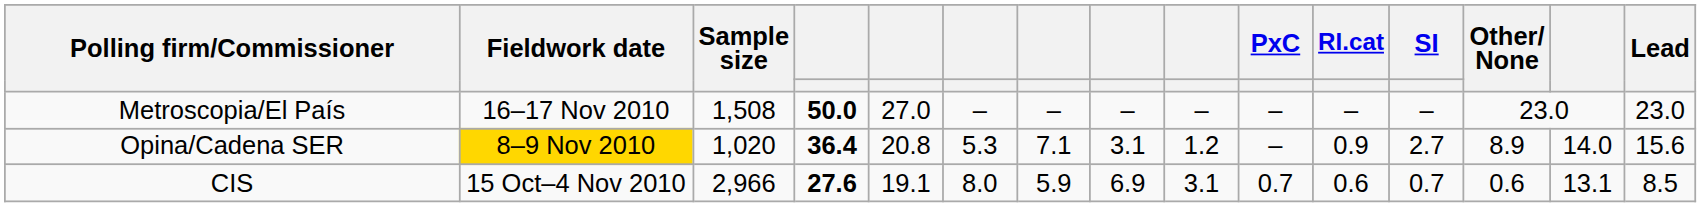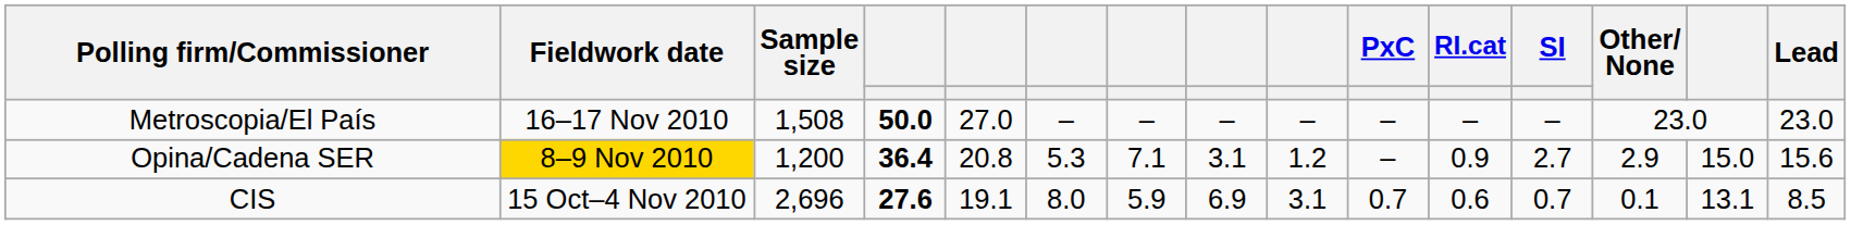 <table class="wikitable collapsible collapsed" style="text-align:center; font-size:90%; line-height:14px;">
 <tr style="height:42px;">
 <th style="width:250px;" rowspan="2">Polling firm/Commissioner</th>
 <th style="width:125px;" rowspan="2">Fieldwork date</th>
 <th style="width:50px;" rowspan="2">Sample size</th>
 <th style="width:35px;"></th>
 <th style="width:35px;"></th>
 <th style="width:35px;"></th>
 <th style="width:35px;"></th>
 <th style="width:35px;"></th>
 <th style="width:35px;"></th>
 <th style="width:35px;"><a href='#'>PxC</a></th>
 <th style="width:35px; font-size:95%;"><a href='#'>RI.cat</a></th>
 <th style="width:35px;"><a href='#'>SI</a></th>
 <th style="width:35px;" rowspan="2">Other/<br>None</th>
 <th style="width:35px;" rowspan="2"></th>
 <th style="width:30px;" rowspan="2">Lead</th>
 </tr>
 <tr>
 <th style="color:inherit;background:"></th>
 <th style="color:inherit;background:"></th>
 <th style="color:inherit;background:"></th>
 <th style="color:inherit;background:"></th>
 <th style="color:inherit;background:"></th>
 <th style="color:inherit;background:"></th>
 <th style="color:inherit;background:"></th>
 <th style="color:inherit;background:"></th>
 <th style="color:inherit;background:"></th>
 </tr>
 <tr>
 <td>Metroscopia/El País</td>
 <td>16–17 Nov 2010</td>
 <td>1,508</td>
 <td><strong>50.0</strong></td>
 <td>27.0</td>
 <td>–</td>
 <td>–</td>
 <td>–</td>
 <td>–</td>
 <td>–</td>
 <td>–</td>
 <td>–</td>
 <td colspan="2">23.0</td>
 <td style="background:">23.0</td>
 </tr>
 <tr>
 <td>Opina/Cadena SER</td>
 <td style="background: gold;">8–9 Nov 2010</td>
-<td>1,020</td>
+<td>1,200</td>
 <td><strong>36.4</strong></td>
 <td>20.8</td>
 <td>5.3</td>
 <td>7.1</td>
 <td>3.1</td>
 <td>1.2</td>
 <td>–</td>
 <td>0.9</td>
 <td>2.7</td>
-<td>8.9</td>
-<td>14.0</td>
+<td>2.9</td>
+<td>15.0</td>
 <td style="background:">15.6</td>
 </tr>
 <tr>
 <td>CIS</td>
 <td>15 Oct–4 Nov 2010</td>
-<td>2,966</td>
+<td>2,696</td>
 <td><strong>27.6</strong></td>
 <td>19.1</td>
 <td>8.0</td>
 <td>5.9</td>
 <td>6.9</td>
 <td>3.1</td>
 <td>0.7</td>
 <td>0.6</td>
 <td>0.7</td>
-<td>0.6</td>
+<td>0.1</td>
 <td>13.1</td>
 <td style="background:">8.5</td>
 </tr>
 </table>
